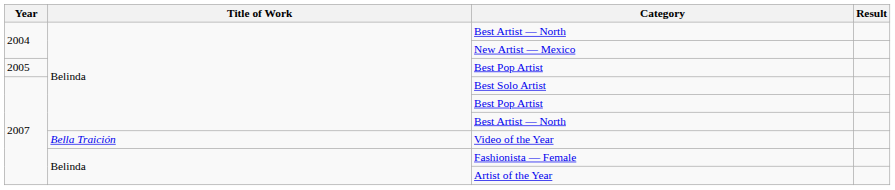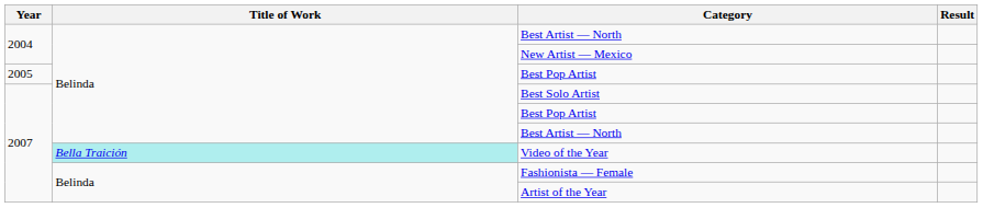 <table class="wikitable" style="table-layout: fixed;">
 <tr>
 <th style="width:5%;">Year</th>
 <th style="width:50%;">Title of Work</th>
 <th style="width:50%;">Category</th>
 <th style="width:10%;">Result</th>
 </tr>
 <tr>
 <td rowspan=2>2004</td>
 <td rowspan=6>Belinda</td>
 <td><a href='#'>Best Artist — North</a></td>
 <td></td>
 </tr>
 <tr>
 <td><a href='#'>New Artist — Mexico</a></td>
 <td></td>
 </tr>
 <tr>
 <td>2005</td>
 <td><a href='#'>Best Pop Artist</a></td>
 <td></td>
 </tr>
 <tr>
 <td rowspan=6>2007</td>
 <td><a href='#'>Best Solo Artist</a></td>
 <td></td>
 </tr>
 <tr>
 <td><a href='#'>Best Pop Artist</a></td>
 <td></td>
 </tr>
 <tr>
 <td><a href='#'>Best Artist — North</a></td>
 <td></td>
 </tr>
 <tr>
-<td><em><a href='#'>Bella Traición</a></em></td>
+<td style="background: paleturquoise;"><em><a href='#'>Bella Traición</a></em></td>
 <td><a href='#'>Video of the Year</a></td>
 <td></td>
 </tr>
 <tr>
 <td rowspan=2>Belinda</td>
 <td><a href='#'>Fashionista — Female</a></td>
 <td></td>
 </tr>
 <tr>
 <td><a href='#'>Artist of the Year</a></td>
 <td></td>
 </tr>
 </table>
